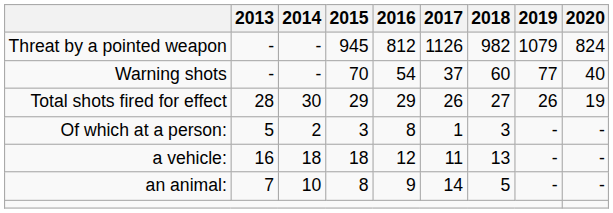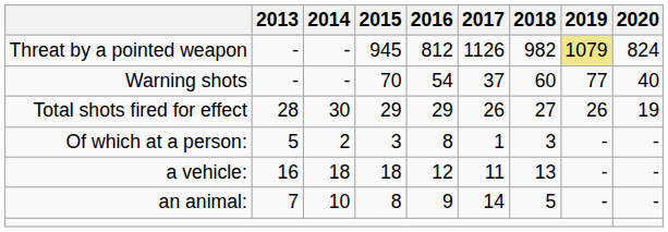 <table class="wikitable" style="text-align: right">
 <tr style="background:#ececec;">
 <th></th>
 <th>2013</th>
 <th>2014</th>
 <th>2015</th>
 <th>2016</th>
 <th>2017</th>
 <th>2018</th>
 <th>2019</th>
 <th>2020</th>
 </tr>
 <tr>
 <td>Threat by a pointed weapon</td>
 <td>-</td>
 <td>-</td>
 <td>945</td>
 <td>812</td>
 <td>1126</td>
 <td>982</td>
-<td>1079</td>
+<td style="background: khaki;">1079</td>
 <td>824</td>
 </tr>
 <tr>
 <td>Warning shots</td>
 <td>-</td>
 <td>-</td>
 <td>70</td>
 <td>54</td>
 <td>37</td>
 <td>60</td>
 <td>77</td>
 <td>40</td>
 </tr>
 <tr>
 <td>Total shots fired for effect</td>
 <td>28</td>
 <td>30</td>
 <td>29</td>
 <td>29</td>
 <td>26</td>
 <td>27</td>
 <td>26</td>
 <td>19</td>
 </tr>
 <tr>
 <td>Of which at a person:</td>
 <td>5</td>
 <td>2</td>
 <td>3</td>
 <td>8</td>
 <td>1</td>
 <td>3</td>
 <td>-</td>
 <td>-</td>
 </tr>
 <tr>
 <td>a vehicle:</td>
 <td>16</td>
 <td>18</td>
 <td>18</td>
 <td>12</td>
 <td>11</td>
 <td>13</td>
 <td>-</td>
 <td>-</td>
 </tr>
 <tr>
 <td>an animal:</td>
 <td>7</td>
 <td>10</td>
 <td>8</td>
 <td>9</td>
 <td>14</td>
 <td>5</td>
 <td>-</td>
 <td>-</td>
 </tr>
 <tr>
 <td colspan="8"></td>
 <td></td>
 </tr>
 </table>
